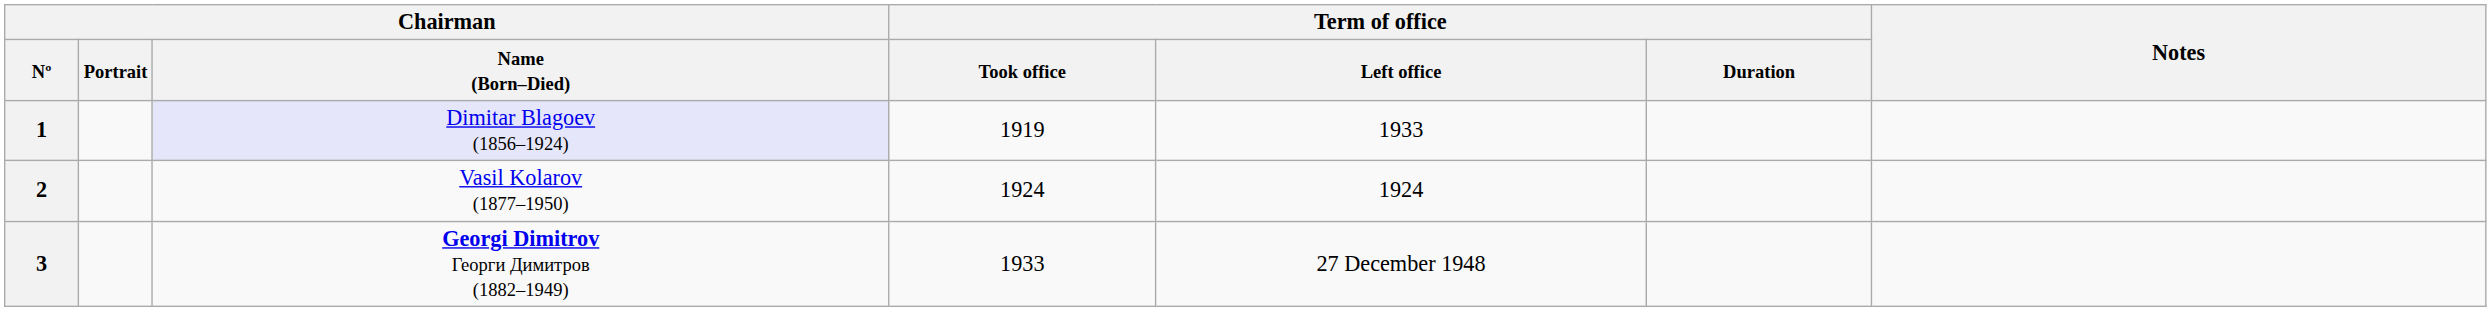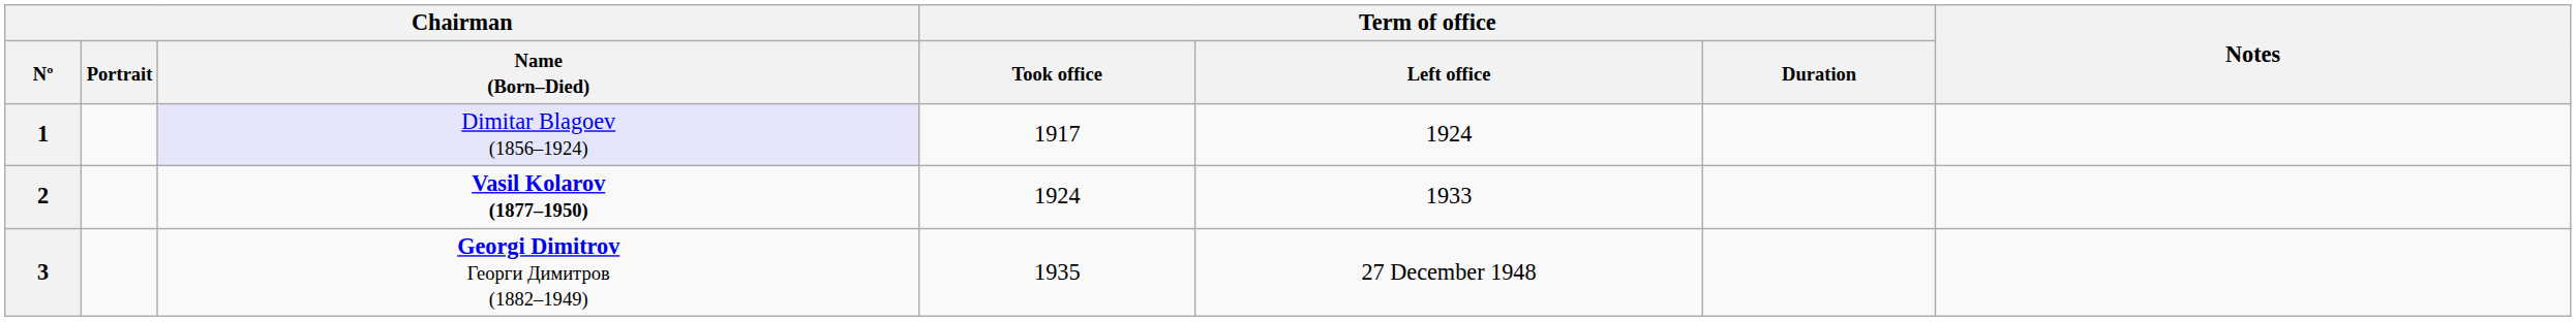 <table class="wikitable" style="text-align:center; width:90%">
 <tr>
 <th colspan="3" width="35%">Chairman</th>
 <th colspan="3" width="40%">Term of office</th>
 <th rowspan="2" width="25%">Notes</th>
 </tr>
 <tr>
 <th width="3%"><small>Nº</small></th>
 <th><small>Portrait</small></th>
 <th width="30%"><small>Name<br>(Born–Died)</small></th>
 <th><small>Took office</small></th>
 <th><small>Left office</small></th>
 <th><small>Duration</small></th>
 </tr>
 <tr>
 <th style="background:">1</th>
 <td></td>
 <td style="background: lavender;"><a href='#'>Dimitar Blagoev</a><small><br>(1856–1924)</small></td>
-<td>1919</td>
-<td>1933</td>
+<td>1917</td>
+<td>1924</td>
 <td></td>
 <td></td>
 </tr>
 <tr>
 <th style="background:">2</th>
 <td></td>
-<td><a href='#'>Vasil Kolarov</a><small><br>(1877–1950)</small></td>
+<td><strong><a href='#'>Vasil Kolarov</a><small><br>(1877–1950)</small></strong></td>
 <td>1924</td>
-<td>1924</td>
+<td>1933</td>
 <td></td>
 <td></td>
 </tr>
 <tr>
 <th style="background:">3</th>
 <td></td>
 <td><strong><a href='#'>Georgi Dimitrov</a></strong><br><small><span>Георги Димитров</span><br>(1882–1949)</small></td>
-<td>1933</td>
+<td>1935</td>
 <td>27 December 1948</td>
 <td></td>
 <td></td>
 </tr>
 </table>
